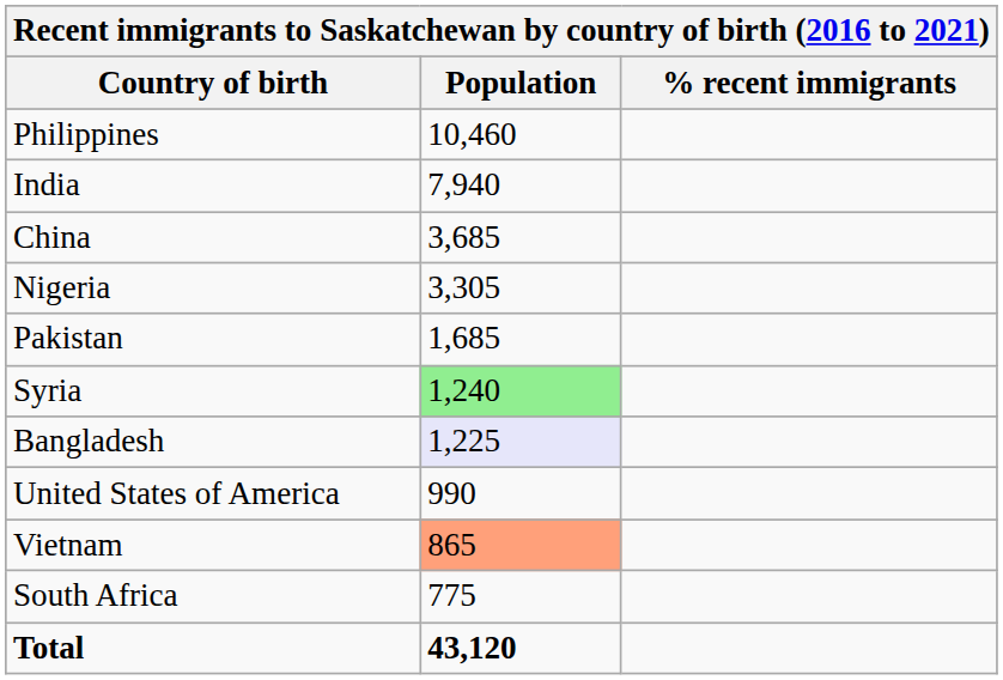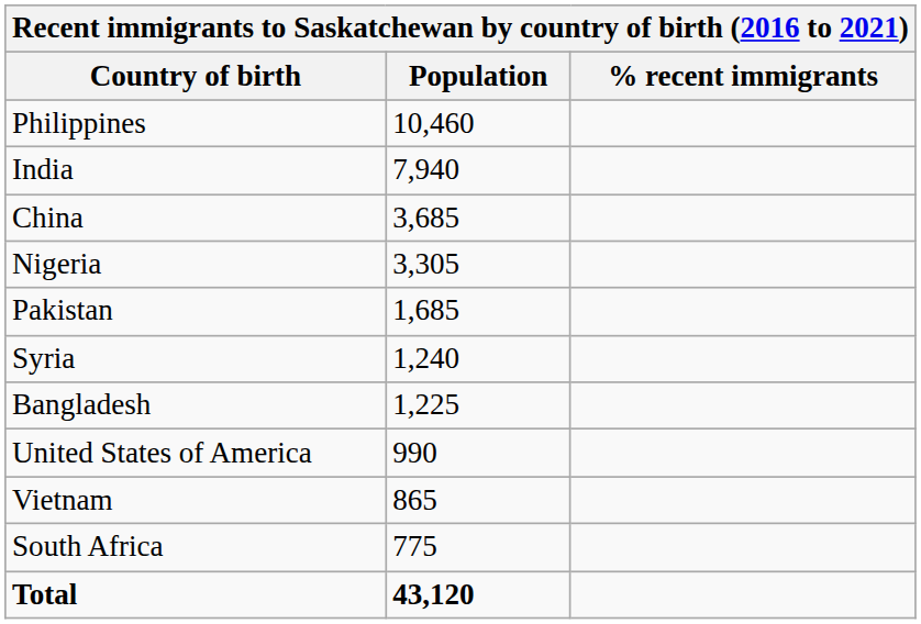 <table class="wikitable">
 <tr>
 <th colspan="3">Recent immigrants to Saskatchewan by country of birth (<a href='#'>2016</a> to <a href='#'>2021</a>)</th>
 </tr>
 <tr>
 <th>Country of birth</th>
 <th>Population</th>
 <th>% recent immigrants</th>
 </tr>
 <tr>
 <td>Philippines</td>
 <td>10,460</td>
 <td></td>
 </tr>
 <tr>
 <td>India</td>
 <td>7,940</td>
 <td></td>
 </tr>
 <tr>
 <td>China</td>
 <td>3,685</td>
 <td></td>
 </tr>
 <tr>
 <td>Nigeria</td>
 <td>3,305</td>
 <td></td>
 </tr>
 <tr>
 <td>Pakistan</td>
 <td>1,685</td>
 <td></td>
 </tr>
 <tr>
 <td>Syria</td>
-<td style="background: lightgreen;">1,240</td>
+<td>1,240</td>
 <td></td>
 </tr>
 <tr>
 <td>Bangladesh</td>
-<td style="background: lavender;">1,225</td>
+<td>1,225</td>
 <td></td>
 </tr>
 <tr>
 <td>United States of America</td>
 <td>990</td>
 <td></td>
 </tr>
 <tr>
 <td>Vietnam</td>
-<td style="background: lightsalmon;">865</td>
+<td>865</td>
 <td></td>
 </tr>
 <tr>
 <td>South Africa</td>
 <td>775</td>
 <td></td>
 </tr>
 <tr>
 <td><strong>Total</strong></td>
 <td><strong>43,120</strong></td>
 <td><strong></strong></td>
 </tr>
 </table>
